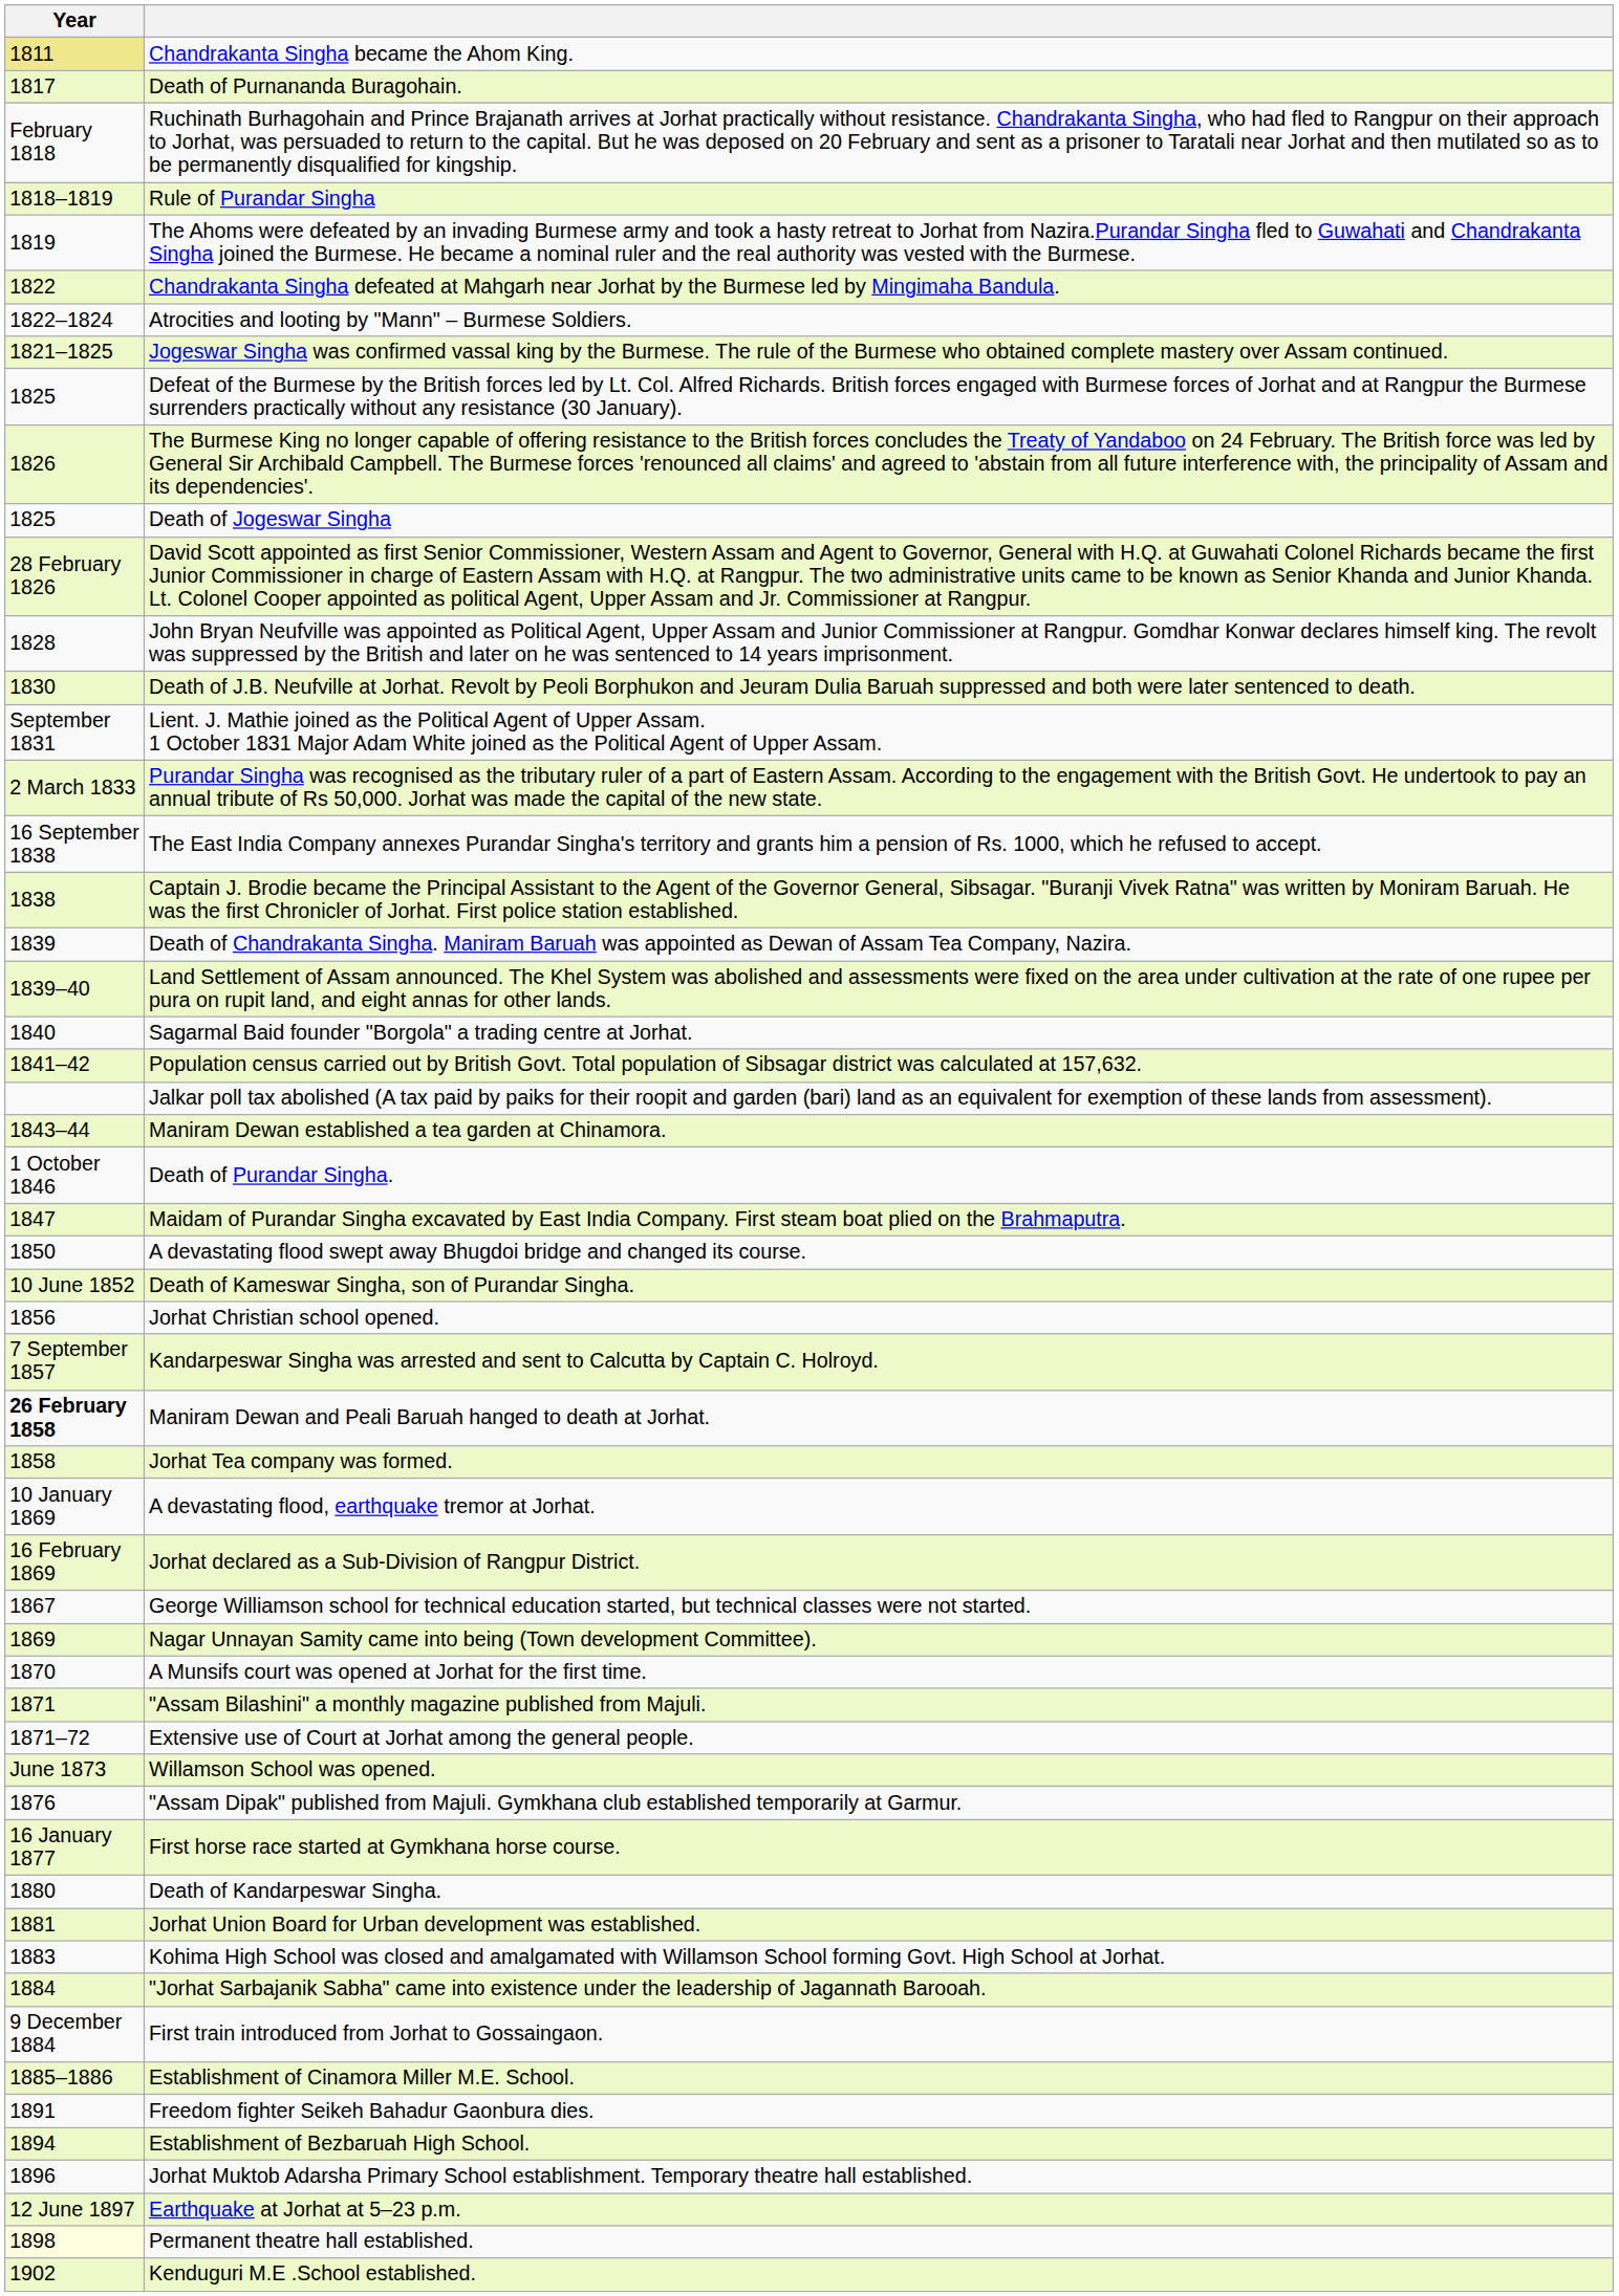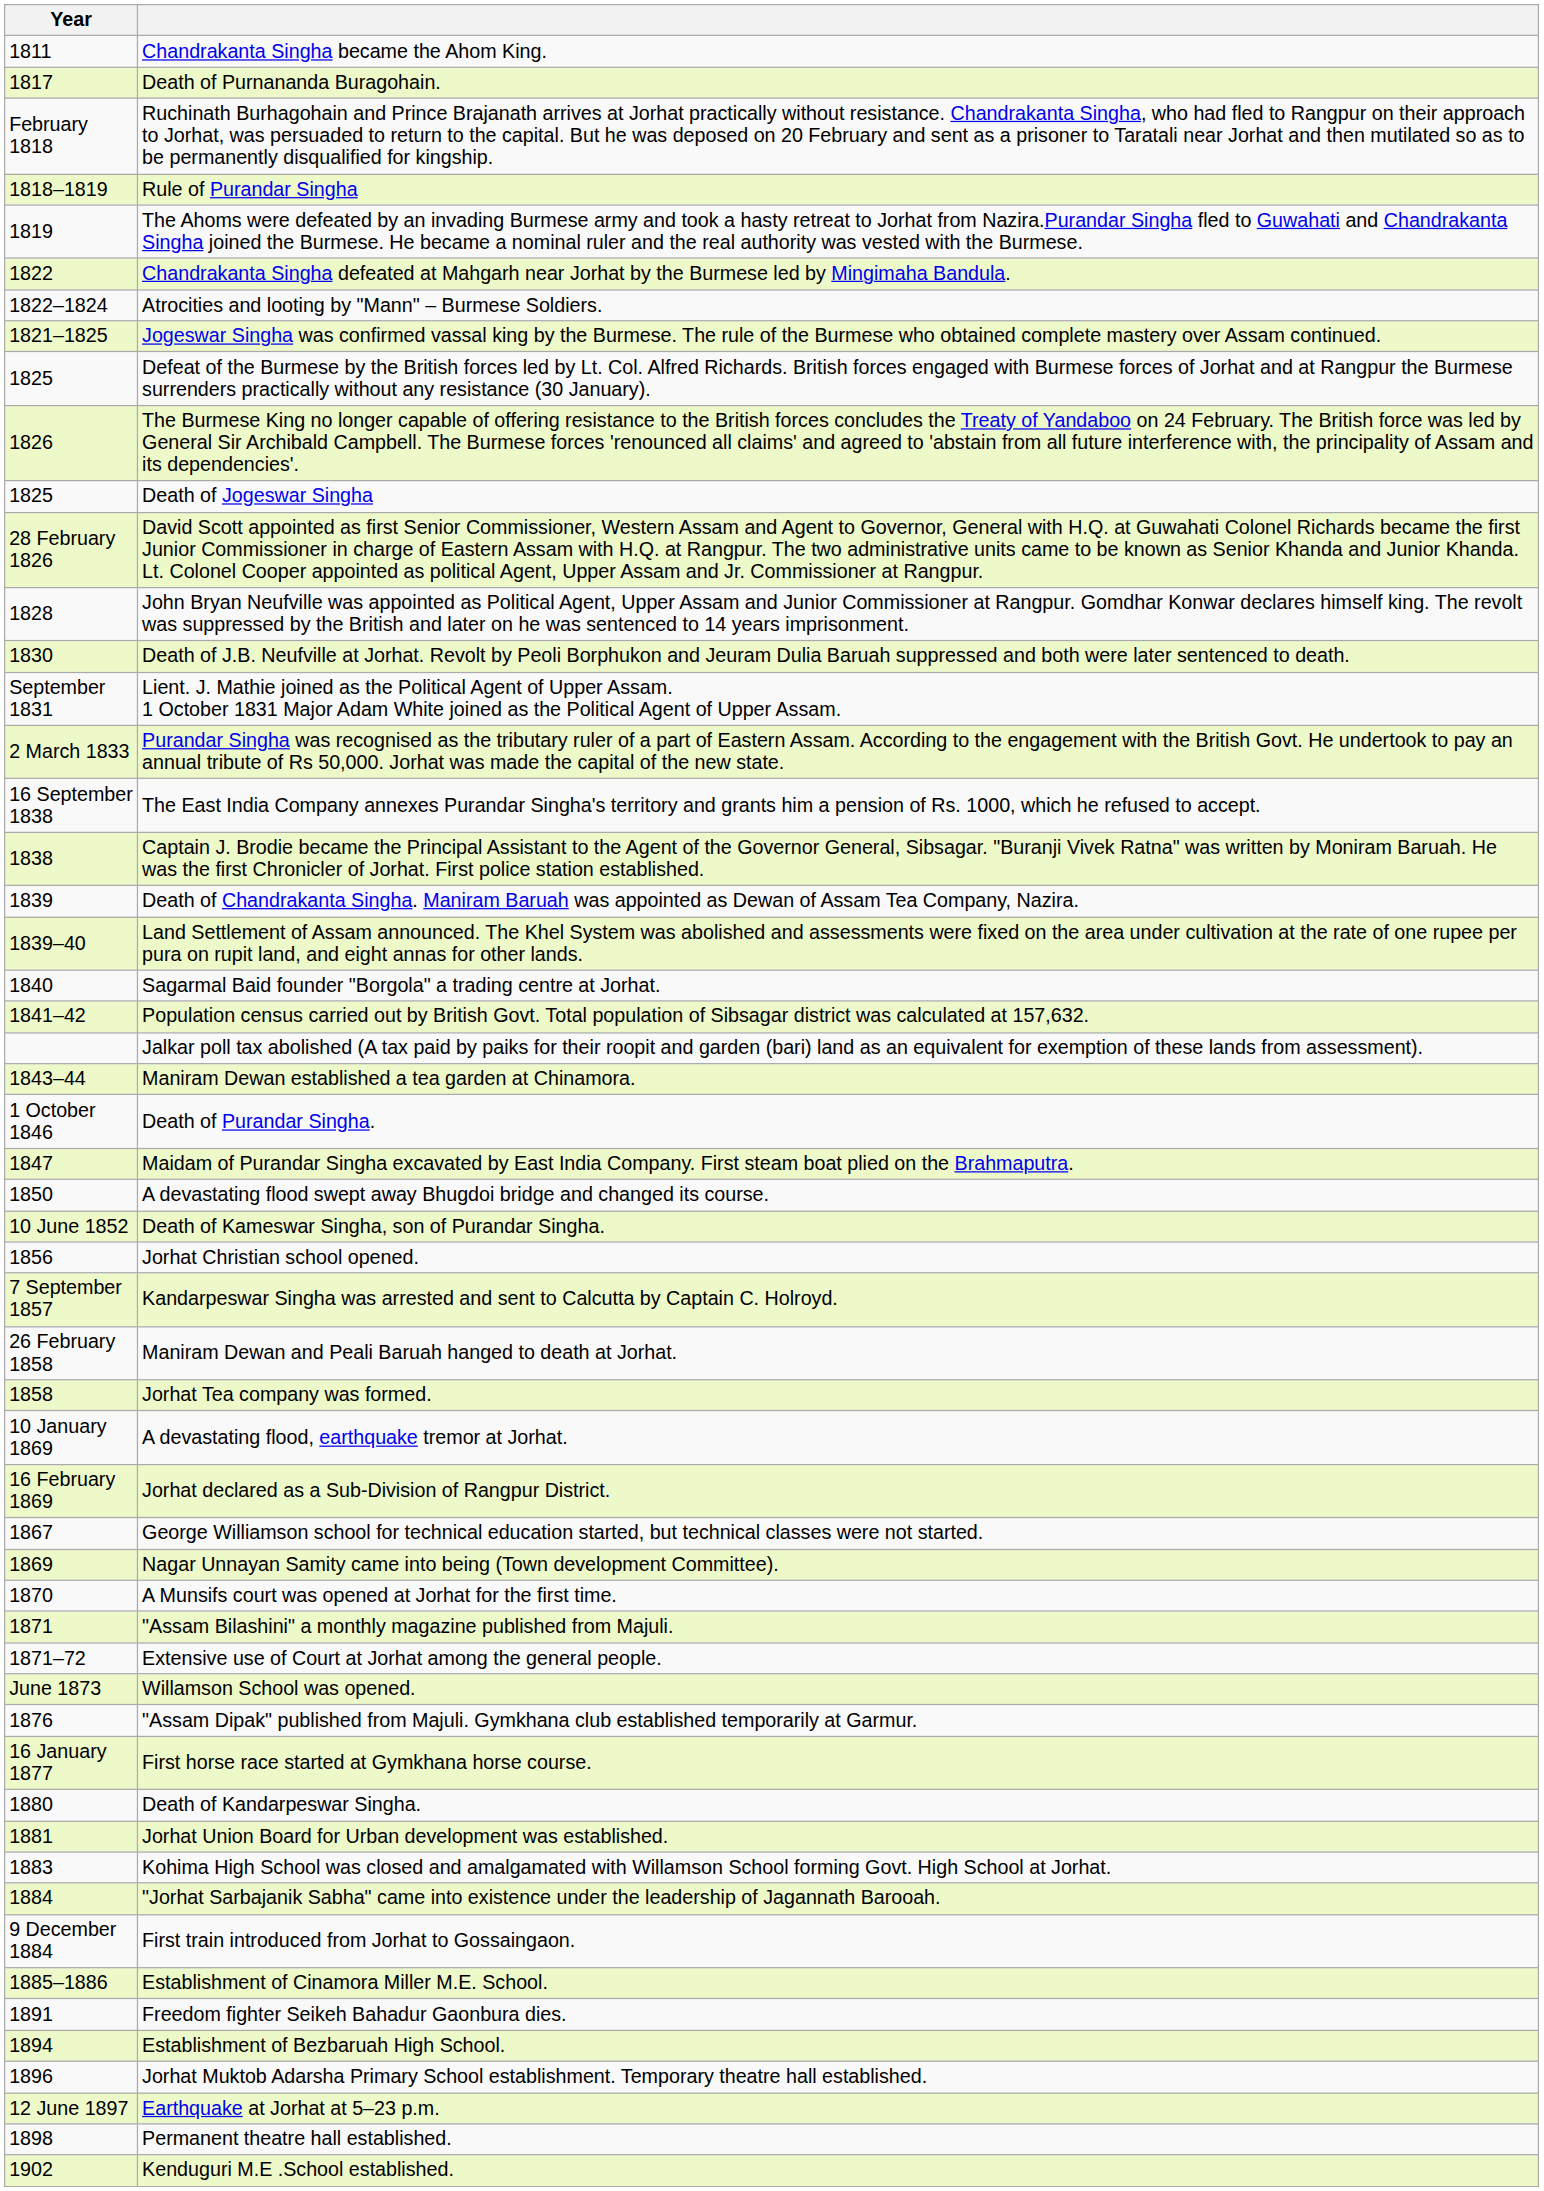 <table class="wikitable">
 <tr>
 <th><strong>Year</strong></th>
 <th></th>
 </tr>
 <tr>
-<td style="background: khaki;">1811</td>
+<td>1811</td>
 <td><a href='#'>Chandrakanta Singha</a> became the Ahom King.</td>
 </tr>
 <tr bgcolor="#EEF9CA">
 <td>1817</td>
 <td>Death of Purnananda Buragohain.</td>
 </tr>
 <tr>
 <td>February 1818</td>
 <td>Ruchinath Burhagohain and Prince Brajanath arrives at Jorhat practically without resistance. <a href='#'>Chandrakanta Singha</a>, who had fled to Rangpur on their approach to Jorhat, was persuaded to return to the capital. But he was deposed on 20 February and sent as a prisoner to Taratali near Jorhat and then mutilated so as to be permanently disqualified for kingship.</td>
 </tr>
 <tr bgcolor="#EEF9CA">
 <td>1818–1819</td>
 <td>Rule of <a href='#'>Purandar Singha</a></td>
 </tr>
 <tr>
 <td>1819</td>
 <td>The Ahoms were defeated by an invading Burmese army and took a hasty retreat to Jorhat from Nazira.<a href='#'>Purandar Singha</a> fled to <a href='#'>Guwahati</a> and <a href='#'>Chandrakanta Singha</a> joined the Burmese. He became a nominal ruler and the real authority was vested with the Burmese.</td>
 </tr>
 <tr bgcolor="#EEF9CA">
 <td>1822</td>
 <td><a href='#'>Chandrakanta Singha</a> defeated at Mahgarh near Jorhat by the Burmese led by <a href='#'>Mingimaha Bandula</a>.</td>
 </tr>
 <tr>
 <td>1822–1824</td>
 <td>Atrocities and looting by "Mann" – Burmese Soldiers.</td>
 </tr>
 <tr bgcolor="#EEF9CA">
 <td>1821–1825</td>
 <td><a href='#'>Jogeswar Singha</a> was confirmed vassal king by the Burmese. The rule of the Burmese who obtained complete mastery over Assam continued.</td>
 </tr>
 <tr>
 <td>1825</td>
 <td>Defeat of the Burmese by the British forces led by Lt. Col. Alfred Richards. British forces engaged with Burmese forces of Jorhat and at Rangpur the Burmese surrenders practically without any resistance (30 January).</td>
 </tr>
 <tr bgcolor="#EEF9CA">
 <td>1826</td>
 <td>The Burmese King no longer capable of offering resistance to the British forces concludes the <a href='#'>Treaty of Yandaboo</a> on 24 February. The British force was led by General Sir Archibald Campbell. The Burmese forces 'renounced all claims' and agreed to 'abstain from all future interference with, the principality of Assam and its dependencies'.</td>
 </tr>
 <tr>
 <td>1825</td>
 <td>Death of <a href='#'>Jogeswar Singha</a></td>
 </tr>
 <tr bgcolor="#EEF9CA">
 <td>28 February 1826</td>
 <td>David Scott appointed as first Senior Commissioner, Western Assam and Agent to Governor, General with H.Q. at Guwahati Colonel Richards became the first Junior Commissioner in charge of Eastern Assam with H.Q. at Rangpur. The two administrative units came to be known as Senior Khanda and Junior Khanda. Lt. Colonel Cooper appointed as political Agent, Upper Assam and Jr. Commissioner at Rangpur.</td>
 </tr>
 <tr>
 <td>1828</td>
 <td>John Bryan Neufville was appointed as Political Agent, Upper Assam and Junior Commissioner at Rangpur. Gomdhar Konwar declares himself king. The revolt was suppressed by the British and later on he was sentenced to 14 years imprisonment.</td>
 </tr>
 <tr bgcolor="#EEF9CA">
 <td>1830</td>
 <td>Death of J.B. Neufville at Jorhat. Revolt by Peoli Borphukon and Jeuram Dulia Baruah suppressed and both were later sentenced to death.</td>
 </tr>
 <tr>
 <td>September 1831</td>
 <td>Lient. J. Mathie joined as the Political Agent of Upper Assam.<br>1 October 1831 Major Adam White joined as the Political Agent of Upper Assam.</td>
 </tr>
 <tr bgcolor="#EEF9CA">
 <td>2 March 1833</td>
 <td><a href='#'>Purandar Singha</a> was recognised as the tributary ruler of a part of Eastern Assam. According to the engagement with the British Govt. He undertook to pay an annual tribute of Rs 50,000. Jorhat was made the capital of the new state.</td>
 </tr>
 <tr>
 <td>16 September 1838</td>
 <td>The East India Company annexes Purandar Singha's territory and grants him a pension of Rs. 1000, which he refused to accept.</td>
 </tr>
 <tr bgcolor="#EEF9CA">
 <td>1838</td>
 <td>Captain J. Brodie became the Principal Assistant to the Agent of the Governor General, Sibsagar.  "Buranji Vivek Ratna" was written by Moniram Baruah. He was the first Chronicler of Jorhat. First police station established.</td>
 </tr>
 <tr>
 <td>1839</td>
 <td>Death of <a href='#'>Chandrakanta Singha</a>. <a href='#'>Maniram Baruah</a> was appointed as Dewan of Assam Tea Company, Nazira.</td>
 </tr>
 <tr bgcolor="#EEF9CA">
 <td>1839–40</td>
 <td>Land Settlement of Assam announced. The Khel System was abolished and assessments were fixed on the area under cultivation at the rate of one rupee per pura on rupit land, and eight annas for other lands.</td>
 </tr>
 <tr>
 <td>1840</td>
 <td>Sagarmal Baid founder "Borgola" a trading centre at Jorhat.</td>
 </tr>
 <tr bgcolor="#EEF9CA">
 <td>1841–42</td>
 <td>Population census carried out by British Govt. Total population of Sibsagar district was calculated at 157,632.</td>
 </tr>
 <tr>
 <td></td>
 <td>Jalkar poll tax abolished (A tax paid by paiks for their roopit and garden (bari) land as an equivalent for exemption of these lands from assessment).</td>
 </tr>
 <tr bgcolor="#EEF9CA">
 <td>1843–44</td>
 <td>Maniram Dewan established a tea garden at Chinamora.</td>
 </tr>
 <tr>
 <td>1 October 1846</td>
 <td>Death of <a href='#'>Purandar Singha</a>.</td>
 </tr>
 <tr bgcolor="#EEF9CA">
 <td>1847</td>
 <td>Maidam of Purandar Singha excavated by East India Company. First steam boat plied on the <a href='#'>Brahmaputra</a>.</td>
 </tr>
 <tr>
 <td>1850</td>
 <td>A devastating flood swept away Bhugdoi bridge and changed its course.</td>
 </tr>
 <tr bgcolor="#EEF9CA">
 <td>10 June 1852</td>
 <td>Death of Kameswar Singha, son of Purandar Singha.</td>
 </tr>
 <tr>
 <td>1856</td>
 <td>Jorhat Christian school opened.</td>
 </tr>
 <tr bgcolor="#EEF9CA">
 <td>7 September 1857</td>
 <td>Kandarpeswar Singha was arrested and sent to Calcutta by Captain C. Holroyd.</td>
 </tr>
 <tr>
-<td><strong>26 February 1858</strong></td>
+<td>26 February 1858</td>
 <td>Maniram Dewan and Peali Baruah hanged to death at Jorhat.</td>
 </tr>
 <tr bgcolor="#EEF9CA">
 <td>1858</td>
 <td>Jorhat Tea company was formed.</td>
 </tr>
 <tr>
 <td>10 January 1869</td>
 <td>A devastating flood, <a href='#'>earthquake</a> tremor at Jorhat.</td>
 </tr>
 <tr bgcolor="#EEF9CA">
 <td>16 February 1869</td>
 <td>Jorhat declared as a Sub-Division of Rangpur District.</td>
 </tr>
 <tr>
 <td>1867</td>
 <td>George Williamson school for technical education started, but technical classes were not started.</td>
 </tr>
 <tr bgcolor="#EEF9CA">
 <td>1869</td>
 <td>Nagar Unnayan Samity came into being (Town development Committee).</td>
 </tr>
 <tr>
 <td>1870</td>
 <td>A Munsifs court was opened at Jorhat for the first time.</td>
 </tr>
 <tr bgcolor="#EEF9CA">
 <td>1871</td>
 <td>"Assam Bilashini" a monthly magazine published from Majuli.</td>
 </tr>
 <tr>
 <td>1871–72</td>
 <td>Extensive use of Court at Jorhat among the general people.</td>
 </tr>
 <tr bgcolor="#EEF9CA">
 <td>June 1873</td>
 <td>Willamson School was opened.</td>
 </tr>
 <tr>
 <td>1876</td>
 <td>"Assam Dipak" published from Majuli. Gymkhana club established temporarily at Garmur.</td>
 </tr>
 <tr bgcolor="#EEF9CA">
 <td>16 January 1877</td>
 <td>First horse race started at Gymkhana horse course.</td>
 </tr>
 <tr>
 <td>1880</td>
 <td>Death of Kandarpeswar Singha.</td>
 </tr>
 <tr bgcolor="#EEF9CA">
 <td>1881</td>
 <td>Jorhat Union Board for Urban development was established.</td>
 </tr>
 <tr>
 <td>1883</td>
 <td>Kohima High School was closed and amalgamated with Willamson School forming Govt. High School at Jorhat.</td>
 </tr>
 <tr bgcolor="#EEF9CA">
 <td>1884</td>
 <td>"Jorhat Sarbajanik Sabha" came into existence under the leadership of Jagannath Barooah.</td>
 </tr>
 <tr>
 <td>9 December 1884</td>
 <td>First train introduced from Jorhat to Gossaingaon.</td>
 </tr>
 <tr bgcolor="#EEF9CA">
 <td>1885–1886</td>
 <td>Establishment of Cinamora Miller M.E. School.</td>
 </tr>
 <tr>
 <td>1891</td>
 <td>Freedom fighter Seikeh Bahadur Gaonbura dies.</td>
 </tr>
 <tr bgcolor="#EEF9CA">
 <td>1894</td>
 <td>Establishment of Bezbaruah High School.</td>
 </tr>
 <tr>
 <td>1896</td>
 <td>Jorhat Muktob Adarsha Primary School establishment. Temporary theatre hall established.</td>
 </tr>
 <tr bgcolor="#EEF9CA">
 <td>12 June 1897</td>
 <td><a href='#'>Earthquake</a> at Jorhat at 5–23 p.m.</td>
 </tr>
 <tr>
-<td style="background: lightyellow;">1898</td>
+<td>1898</td>
 <td>Permanent theatre hall established.</td>
 </tr>
 <tr bgcolor="#EEF9CA">
 <td>1902</td>
 <td>Kenduguri M.E .School established.</td>
 </tr>
 </table>
